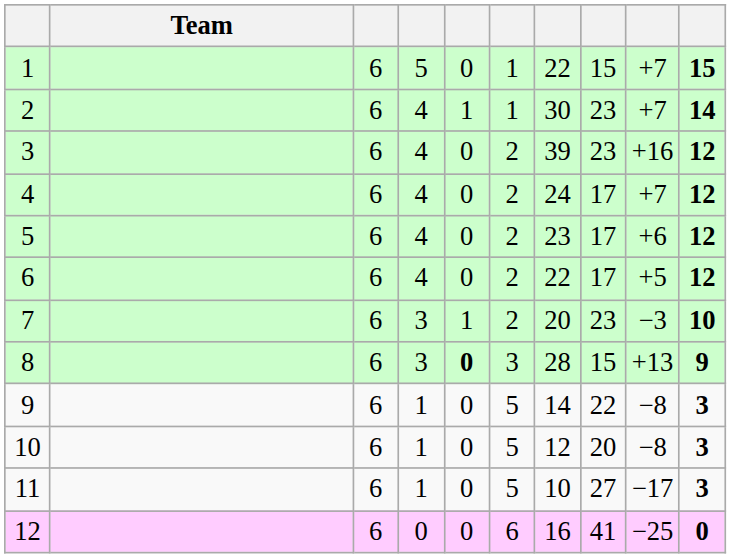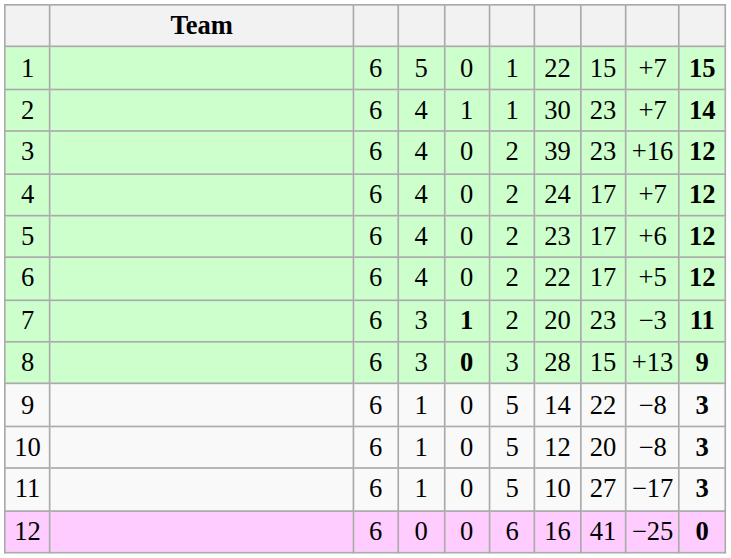 <table class="wikitable" style="text-align: center;">
 <tr>
 <th width="20"></th>
 <th style="width:175px;">Team</th>
 <th width="20"></th>
 <th width="20"></th>
 <th width="20"></th>
 <th width="20"></th>
 <th width="20"></th>
 <th width="20"></th>
 <th width="20"></th>
 <th width="20"></th>
 </tr>
 <tr style="background:#cfc;">
 <td>1</td>
 <td align=left></td>
 <td>6</td>
 <td>5</td>
 <td>0</td>
 <td>1</td>
 <td>22</td>
 <td>15</td>
 <td>+7</td>
 <td><strong>15</strong></td>
 </tr>
 <tr style="background:#cfc;">
 <td>2</td>
 <td align=left></td>
 <td>6</td>
 <td>4</td>
 <td>1</td>
 <td>1</td>
 <td>30</td>
 <td>23</td>
 <td>+7</td>
 <td><strong>14</strong></td>
 </tr>
 <tr style="background:#cfc;">
 <td>3</td>
 <td align=left></td>
 <td>6</td>
 <td>4</td>
 <td>0</td>
 <td>2</td>
 <td>39</td>
 <td>23</td>
 <td>+16</td>
 <td><strong>12</strong></td>
 </tr>
 <tr style="background:#cfc;">
 <td>4</td>
 <td align=left></td>
 <td>6</td>
 <td>4</td>
 <td>0</td>
 <td>2</td>
 <td>24</td>
 <td>17</td>
 <td>+7</td>
 <td><strong>12</strong></td>
 </tr>
 <tr style="background:#cfc;">
 <td>5</td>
 <td align=left></td>
 <td>6</td>
 <td>4</td>
 <td>0</td>
 <td>2</td>
 <td>23</td>
 <td>17</td>
 <td>+6</td>
 <td><strong>12</strong></td>
 </tr>
 <tr style="background:#cfc;">
 <td>6</td>
 <td align=left></td>
 <td>6</td>
 <td>4</td>
 <td>0</td>
 <td>2</td>
 <td>22</td>
 <td>17</td>
 <td>+5</td>
 <td><strong>12</strong></td>
 </tr>
 <tr style="background:#cfc;">
 <td>7</td>
 <td align=left></td>
 <td>6</td>
 <td>3</td>
-<td>1</td>
+<td><strong>1</strong></td>
 <td>2</td>
 <td>20</td>
 <td>23</td>
 <td>−3</td>
-<td><strong>10</strong></td>
+<td><strong>11</strong></td>
 </tr>
 <tr style="background:#cfc;">
 <td>8</td>
 <td align=left></td>
 <td>6</td>
 <td>3</td>
 <td><strong>0</strong></td>
 <td>3</td>
 <td>28</td>
 <td>15</td>
 <td>+13</td>
 <td><strong>9</strong></td>
 </tr>
 <tr style="background:">
 <td>9</td>
 <td align=left></td>
 <td>6</td>
 <td>1</td>
 <td>0</td>
 <td>5</td>
 <td>14</td>
 <td>22</td>
 <td>−8</td>
 <td><strong>3</strong></td>
 </tr>
 <tr style="background:">
 <td>10</td>
 <td align=left></td>
 <td>6</td>
 <td>1</td>
 <td>0</td>
 <td>5</td>
 <td>12</td>
 <td>20</td>
 <td>−8</td>
 <td><strong>3</strong></td>
 </tr>
 <tr style="background:">
 <td>11</td>
 <td align=left></td>
 <td>6</td>
 <td>1</td>
 <td>0</td>
 <td>5</td>
 <td>10</td>
 <td>27</td>
 <td>−17</td>
 <td><strong>3</strong></td>
 </tr>
 <tr style="background:#fcf;">
 <td>12</td>
 <td align=left></td>
 <td>6</td>
 <td>0</td>
 <td>0</td>
 <td>6</td>
 <td>16</td>
 <td>41</td>
 <td>−25</td>
 <td><strong>0</strong></td>
 </tr>
 </table>
